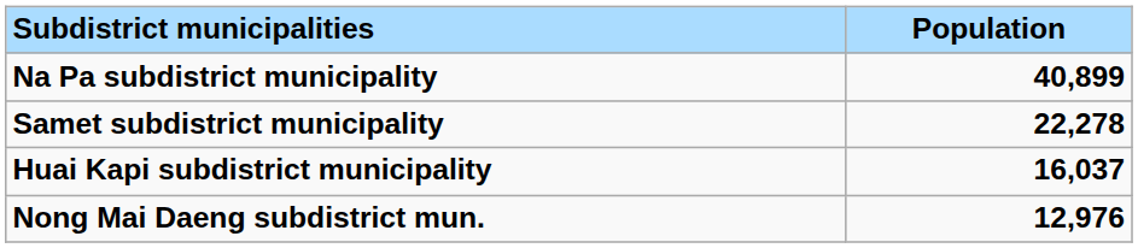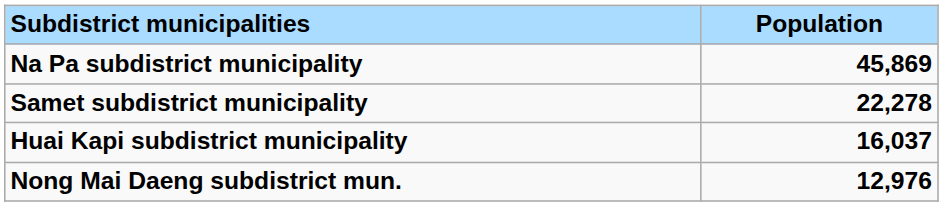 <table class="wikitable" style="width:48%; display:inline-table;">
 <tr>
 <td style= "background: #aadcff;"><strong>Subdistrict municipalities</strong></td>
 <td style= "background: #aadcff; text-align:center;"><strong>Population</strong></td>
 </tr>
 <tr>
 <td><strong>Na Pa subdistrict municipality</strong></td>
-<td style="text-align:right;"><strong>40,899</strong></td>
+<td style="text-align:right;"><strong>45,869</strong></td>
 </tr>
 <tr>
 <td><strong>Samet subdistrict municipality</strong></td>
 <td style="text-align:right;"><strong>22,278</strong></td>
 </tr>
 <tr>
 <td><strong>Huai Kapi subdistrict municipality</strong></td>
 <td style="text-align:right;"><strong>16,037</strong></td>
 </tr>
 <tr>
 <td><strong>Nong Mai Daeng subdistrict mun.</strong></td>
 <td style="text-align:right;"><strong>12,976</strong></td>
 </tr>
 </table>
